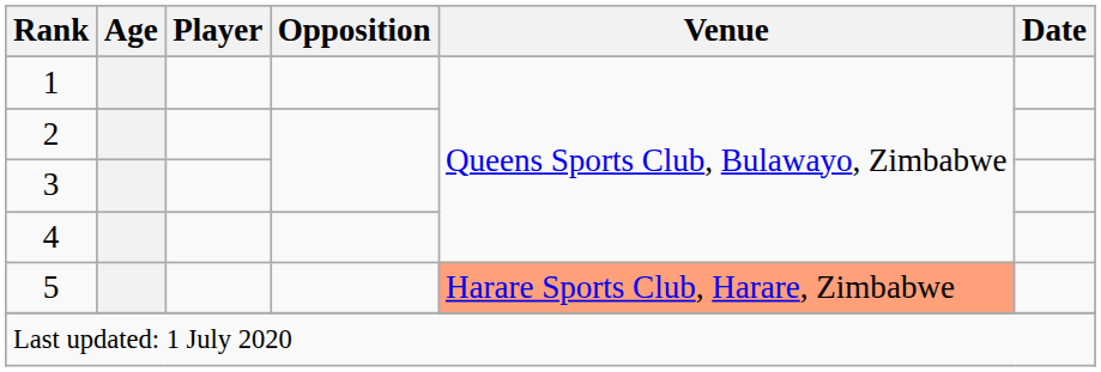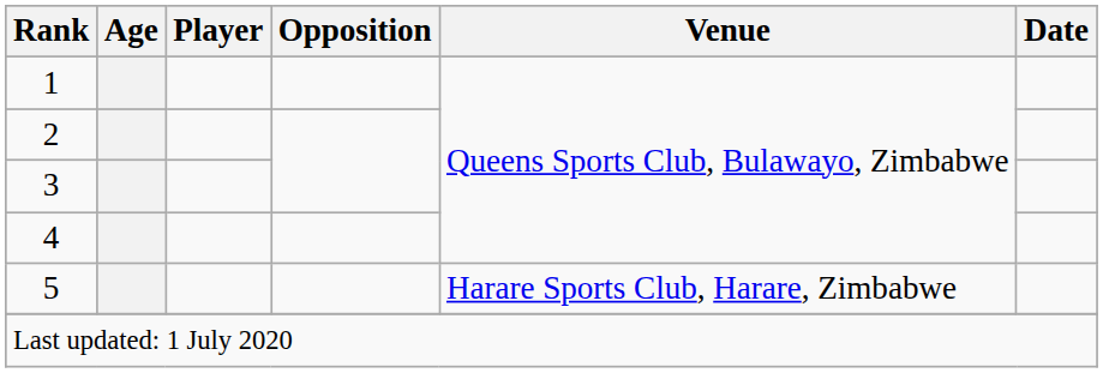 <table class="wikitable plainrowheaders sortable">
 <tr>
 <th scope=col>Rank</th>
 <th scope=col>Age</th>
 <th scope=col>Player</th>
 <th scope=col>Opposition</th>
 <th scope=col>Venue</th>
 <th scope=col>Date</th>
 </tr>
 <tr>
 <td style="text-align:center">1</td>
 <th scope=row style=text-align:center;></th>
 <td></td>
 <td></td>
 <td rowspan=4><a href='#'>Queens Sports Club</a>, <a href='#'>Bulawayo</a>, Zimbabwe</td>
 <td></td>
 </tr>
 <tr>
 <td style="text-align:center">2</td>
 <th scope=row style=text-align:center;></th>
 <td></td>
 <td rowspan=2></td>
 <td></td>
 </tr>
 <tr>
 <td style="text-align:center">3</td>
 <th scope=row style=text-align:center;></th>
 <td></td>
 <td></td>
 </tr>
 <tr>
 <td style="text-align:center">4</td>
 <th scope=row style=text-align:center;></th>
 <td></td>
 <td></td>
 <td></td>
 </tr>
 <tr>
 <td style="text-align:center">5</td>
 <th scope=row style=text-align:center;></th>
 <td></td>
 <td></td>
-<td style="background: lightsalmon;"><a href='#'>Harare Sports Club</a>, <a href='#'>Harare</a>, Zimbabwe</td>
+<td><a href='#'>Harare Sports Club</a>, <a href='#'>Harare</a>, Zimbabwe</td>
 <td></td>
 </tr>
 <tr>
 </tr>
 <tr class=sortbottom>
 <td colspan=7><small>Last updated: 1 July 2020</small></td>
 </tr>
 </table>
